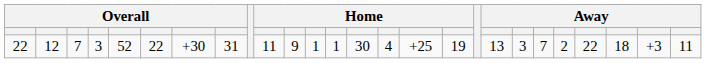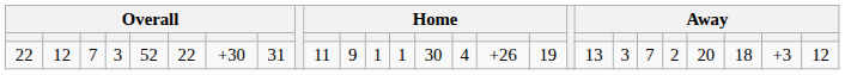 <table class="wikitable" style="text-align: center; width:60%">
 <tr>
 <th colspan="8">Overall</th>
 <th rowspan="3" width="1%"></th>
 <th colspan="8">Home</th>
 <th rowspan="3" width="1%"></th>
 <th colspan="8">Away</th>
 </tr>
 <tr>
 <th></th>
 <th></th>
 <th></th>
 <th></th>
 <th></th>
 <th></th>
 <th></th>
 <th></th>
 <th></th>
 <th></th>
 <th></th>
 <th></th>
 <th></th>
 <th></th>
 <th></th>
 <th></th>
 <th></th>
 <th></th>
 <th></th>
 <th></th>
 <th></th>
 <th></th>
 <th></th>
 <th></th>
 </tr>
 <tr>
 <td>22</td>
 <td>12</td>
 <td>7</td>
 <td>3</td>
 <td>52</td>
 <td>22</td>
 <td>+30</td>
 <td>31</td>
 <td>11</td>
 <td>9</td>
 <td>1</td>
 <td>1</td>
 <td>30</td>
 <td>4</td>
-<td>+25</td>
+<td>+26</td>
 <td>19</td>
 <td>13</td>
 <td>3</td>
 <td>7</td>
 <td>2</td>
-<td>22</td>
+<td>20</td>
 <td>18</td>
 <td>+3</td>
-<td>11</td>
+<td>12</td>
 </tr>
 </table>
